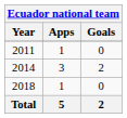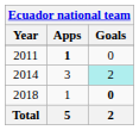 <table class="wikitable" style="text-align:center">
 <tr>
 <th colspan=4><a href='#'>Ecuador national team</a></th>
 </tr>
 <tr>
 <th>Year</th>
 <th>Apps</th>
 <th>Goals</th>
 </tr>
 <tr>
 </tr>
 <tr>
 <td>2011</td>
-<td>1</td>
+<td><strong>1</strong></td>
 <td>0</td>
 </tr>
 <tr>
 <td>2014</td>
 <td>3</td>
-<td>2</td>
+<td style="background: paleturquoise;">2</td>
 </tr>
 <tr>
 <td>2018</td>
 <td>1</td>
-<td>0</td>
+<td><strong>0</strong></td>
 </tr>
 <tr>
 <th>Total</th>
 <th>5</th>
 <th>2</th>
 </tr>
 </table>
